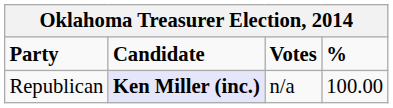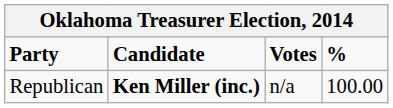 <table class="wikitable">
 <tr>
 <th colspan="4">Oklahoma Treasurer Election, 2014</th>
 </tr>
 <tr>
 <td><strong>Party</strong></td>
 <td><strong>Candidate</strong></td>
 <td><strong>Votes</strong></td>
 <td><strong>%</strong></td>
 </tr>
 <tr>
 <td>Republican</td>
-<td style="background: lavender;"><strong>Ken Miller (inc.)</strong></td>
+<td><strong>Ken Miller (inc.)</strong></td>
 <td>n/a</td>
 <td>100.00</td>
 </tr>
 </table>
